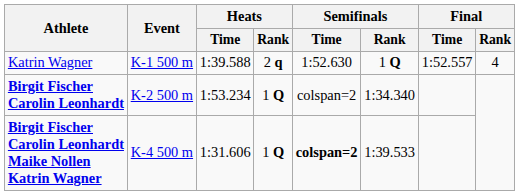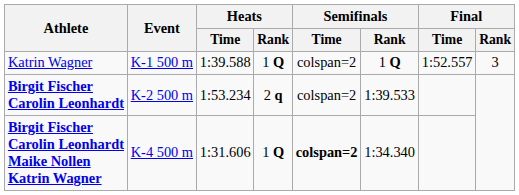 <table class="wikitable" style="font-size:90%">
 <tr>
 <th rowspan=2>Athlete</th>
 <th rowspan=2>Event</th>
 <th colspan=2>Heats</th>
 <th colspan=2>Semifinals</th>
 <th colspan=2>Final</th>
 </tr>
 <tr style="font-size:95%">
 <th>Time</th>
 <th>Rank</th>
 <th>Time</th>
 <th>Rank</th>
 <th>Time</th>
 <th>Rank</th>
 </tr>
 <tr align=center>
 <td align=left><a href='#'>Katrin Wagner</a></td>
 <td align=left><a href='#'>K-1 500 m</a></td>
 <td>1:39.588</td>
-<td>2 <strong>q</strong></td>
-<td>1:52.630</td>
+<td>1 <strong>Q</strong></td>
+<td>colspan=2 </td>
 <td>1 <strong>Q</strong></td>
 <td>1:52.557</td>
-<td>4</td>
+<td>3</td>
 </tr>
 <tr align=center>
 <td align=left><strong><a href='#'>Birgit Fischer</a><br><a href='#'>Carolin Leonhardt</a></strong></td>
 <td align=left><a href='#'>K-2 500 m</a></td>
 <td>1:53.234</td>
-<td>1 <strong>Q</strong></td>
+<td>2 <strong>q</strong></td>
 <td>colspan=2 </td>
-<td>1:34.340</td>
+<td>1:39.533</td>
 <td></td>
 </tr>
 <tr align=center>
 <td align=left><strong><a href='#'>Birgit Fischer</a><br><a href='#'>Carolin Leonhardt</a><br><a href='#'>Maike Nollen</a><br><a href='#'>Katrin Wagner</a></strong></td>
 <td align=left><a href='#'>K-4 500 m</a></td>
 <td>1:31.606</td>
 <td>1 <strong>Q</strong></td>
 <td><strong>colspan=2 </strong></td>
-<td>1:39.533</td>
+<td>1:34.340</td>
 <td></td>
 </tr>
 </table>
